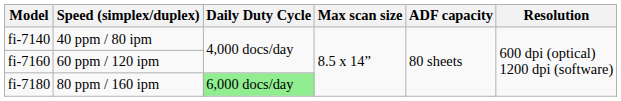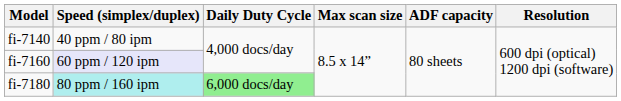 <table class="wikitable">
 <tr>
 <th>Model</th>
 <th>Speed (simplex/duplex)</th>
 <th>Daily Duty Cycle</th>
 <th>Max scan size</th>
 <th>ADF capacity</th>
 <th>Resolution</th>
 </tr>
 <tr>
 <td>fi-7140</td>
 <td>40 ppm / 80 ipm</td>
 <td rowspan="2">4,000 docs/day</td>
 <td rowspan="3">8.5 x 14”</td>
 <td rowspan="3">80 sheets</td>
 <td rowspan="3">600 dpi (optical)<br>1200 dpi (software)</td>
 </tr>
 <tr>
 <td>fi-7160</td>
-<td>60 ppm / 120 ipm</td>
+<td style="background: lavender;">60 ppm / 120 ipm</td>
 </tr>
 <tr>
 <td>fi-7180</td>
-<td>80 ppm / 160 ipm</td>
+<td style="background: paleturquoise;">80 ppm / 160 ipm</td>
 <td style="background: lightgreen;">6,000 docs/day</td>
 </tr>
 </table>
